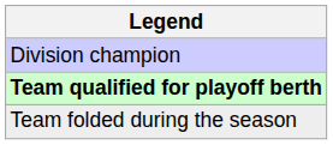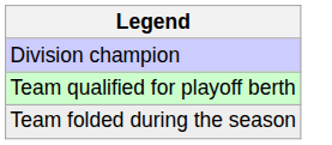 <table class="wikitable">
 <tr>
 <th>Legend</th>
 </tr>
 <tr style="background:#ccf;">
 <td>Division champion</td>
 </tr>
 <tr style="background:#cfc;">
-<td><strong>Team qualified for playoff berth</strong></td>
+<td>Team qualified for playoff berth</td>
 </tr>
 <tr style="background:#eee;">
 <td>Team folded during the season</td>
 </tr>
 </table>
